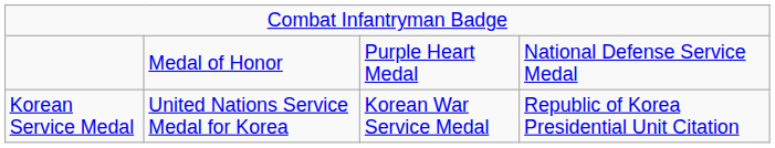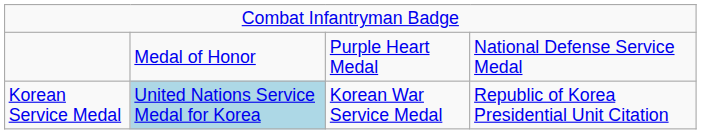 <table class="wikitable" style="margin-left: auto; margin-right: auto;">
 <tr>
 <td colspan="4" align="center"><a href='#'>Combat Infantryman Badge</a></td>
 </tr>
 <tr>
 <td></td>
 <td><a href='#'>Medal of Honor</a></td>
 <td><a href='#'>Purple Heart Medal</a></td>
 <td><a href='#'>National Defense Service Medal</a></td>
 </tr>
 <tr>
 <td><a href='#'>Korean Service Medal</a></td>
-<td><a href='#'>United Nations Service Medal for Korea</a></td>
+<td style="background: lightblue;"><a href='#'>United Nations Service Medal for Korea</a></td>
 <td><a href='#'>Korean War Service Medal</a></td>
 <td><a href='#'>Republic of Korea Presidential Unit Citation</a></td>
 </tr>
 </table>
